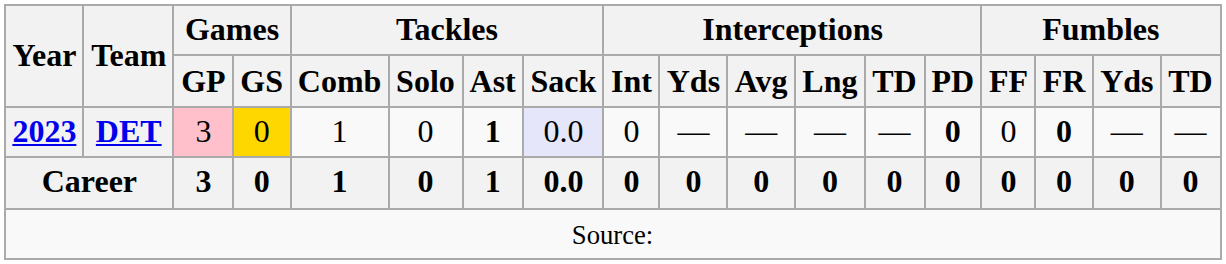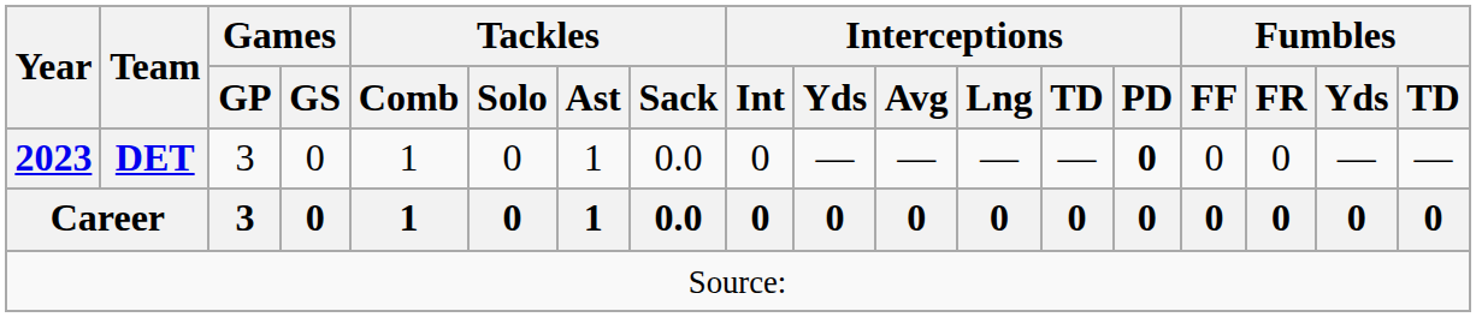 <table class="wikitable" style="text-align:center;">
 <tr>
 <th rowspan="2">Year</th>
 <th rowspan="2">Team</th>
 <th colspan="2">Games</th>
 <th colspan="4">Tackles</th>
 <th colspan="6">Interceptions</th>
 <th colspan="4">Fumbles</th>
 </tr>
 <tr>
 <th>GP</th>
 <th>GS</th>
 <th>Comb</th>
 <th>Solo</th>
 <th>Ast</th>
 <th>Sack</th>
 <th>Int</th>
 <th>Yds</th>
 <th>Avg</th>
 <th>Lng</th>
 <th>TD</th>
 <th>PD</th>
 <th>FF</th>
 <th>FR</th>
 <th>Yds</th>
 <th>TD</th>
 </tr>
 <tr>
 <th><a href='#'>2023</a></th>
 <th><a href='#'>DET</a></th>
-<td style="background: pink;">3</td>
-<td style="background: gold;">0</td>
+<td>3</td>
+<td>0</td>
 <td>1</td>
 <td>0</td>
-<td><strong>1</strong></td>
-<td style="background: lavender;">0.0</td>
+<td>1</td>
+<td>0.0</td>
 <td>0</td>
 <td>—</td>
 <td>—</td>
 <td>—</td>
 <td>—</td>
 <td><strong>0</strong></td>
 <td>0</td>
-<td><strong>0</strong></td>
+<td>0</td>
 <td>—</td>
 <td>—</td>
 </tr>
 <tr>
 <th colspan="2">Career</th>
 <th>3</th>
 <th>0</th>
 <th>1</th>
 <th>0</th>
 <th>1</th>
 <th>0.0</th>
 <th>0</th>
 <th>0</th>
 <th>0</th>
 <th>0</th>
 <th>0</th>
 <th>0</th>
 <th>0</th>
 <th>0</th>
 <th>0</th>
 <th>0</th>
 </tr>
 <tr>
 <td colspan="18"><small>Source: </small></td>
 </tr>
 </table>
